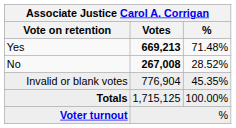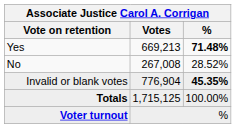 <table class="wikitable" style="font-size: 95%;">
 <tr style="background-color:#E9E9E9">
 <th colspan=7>Associate Justice <a href='#'>Carol A. Corrigan</a></th>
 </tr>
 <tr style="background-color:#E9E9E9">
 <th style="width: 170px">Vote on retention</th>
 <th style="width: 50px">Votes</th>
 <th style="width: 40px">%</th>
 </tr>
 <tr>
 <td>Yes</td>
-<td align="right"><strong>669,213</strong></td>
-<td align="right">71.48%</td>
+<td align="right">669,213</td>
+<td align="right"><strong>71.48%</strong></td>
 </tr>
 <tr>
 <td>No</td>
-<td align="right"><strong>267,008</strong></td>
+<td align="right">267,008</td>
 <td align="right">28.52%</td>
 </tr>
 <tr style="background-color:#EEEEEE">
 <td align="right">Invalid or blank votes</td>
 <td align="right">776,904</td>
-<td align="right">45.35%</td>
+<td align="right"><strong>45.35%</strong></td>
 </tr>
 <tr style="background-color:#EEEEEE">
 <td colspan="1" align="right"><strong>Totals</strong></td>
 <td align="right">1,715,125</td>
 <td align="right">100.00%</td>
 </tr>
 <tr style="background-color:#EEEEEE">
 <td align="right"><strong><a href='#'>Voter turnout</a></strong></td>
 <td colspan="2" align="right">%</td>
 </tr>
 </table>
